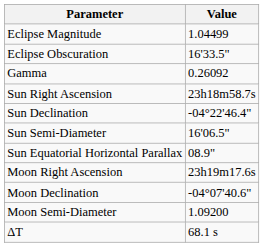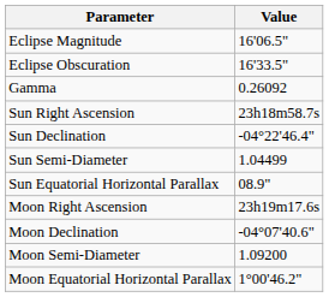 <table class="wikitable">
 <tr>
 <th>Parameter</th>
 <th>Value</th>
 </tr>
 <tr>
 <td>Eclipse Magnitude</td>
-<td>1.04499</td>
+<td>16'06.5"</td>
 </tr>
 <tr>
 <td>Eclipse Obscuration</td>
 <td>16'33.5"</td>
 </tr>
 <tr>
 <td>Gamma</td>
 <td>0.26092</td>
 </tr>
 <tr>
 <td>Sun Right Ascension</td>
 <td>23h18m58.7s</td>
 </tr>
 <tr>
 <td>Sun Declination</td>
 <td>-04°22'46.4"</td>
 </tr>
 <tr>
 <td>Sun Semi-Diameter</td>
-<td>16'06.5"</td>
+<td>1.04499</td>
 </tr>
 <tr>
 <td>Sun Equatorial Horizontal Parallax</td>
 <td>08.9"</td>
 </tr>
 <tr>
 <td>Moon Right Ascension</td>
 <td>23h19m17.6s</td>
 </tr>
 <tr>
 <td>Moon Declination</td>
 <td>-04°07'40.6"</td>
 </tr>
 <tr>
 <td>Moon Semi-Diameter</td>
 <td>1.09200</td>
 </tr>
 <tr>
-<td>ΔT</td>
-<td>68.1 s</td>
+<td>Moon Equatorial Horizontal Parallax</td>
+<td>1°00'46.2"</td>
 </tr>
 </table>
